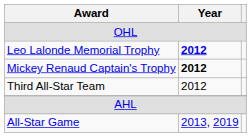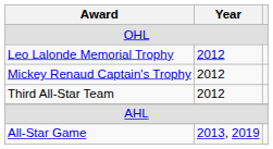 <table class="wikitable">
 <tr>
 <th>Award</th>
 <th>Year</th>
 <th></th>
 </tr>
 <tr ALIGN="center" bgcolor="#e0e0e0">
 <td colspan="3"><a href='#'>OHL</a></td>
 </tr>
 <tr>
 <td><a href='#'>Leo Lalonde Memorial Trophy</a></td>
-<td><strong><a href='#'>2012</a></strong></td>
+<td><a href='#'>2012</a></td>
 <td></td>
 </tr>
 <tr>
 <td><a href='#'>Mickey Renaud Captain's Trophy</a></td>
-<td><strong>2012</strong></td>
+<td>2012</td>
 <td></td>
 </tr>
 <tr>
 <td>Third All-Star Team</td>
 <td>2012</td>
 <td></td>
 </tr>
 <tr>
 </tr>
 <tr ALIGN="center" bgcolor="#e0e0e0">
 <td colspan="3"><a href='#'>AHL</a></td>
 </tr>
 <tr>
 <td><a href='#'>All-Star Game</a></td>
 <td><a href='#'>2013</a>, <a href='#'>2019</a></td>
 <td></td>
 </tr>
 </table>
